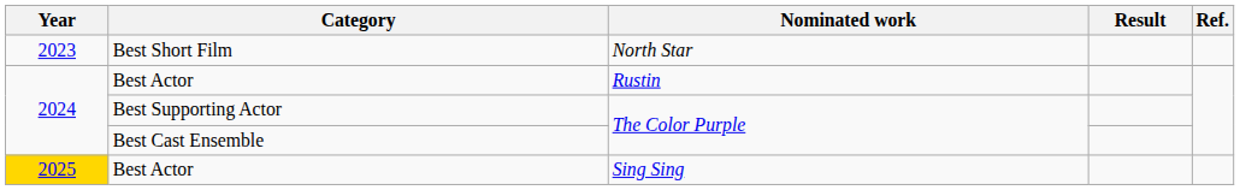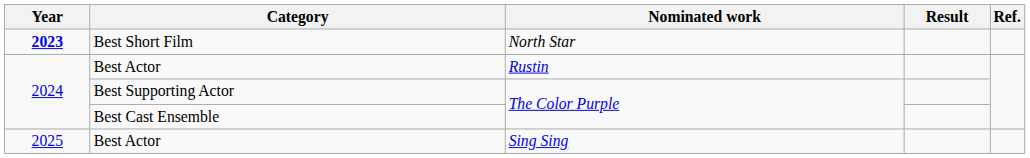 <table class=wikitable>
 <tr>
 <th scope="col" style="width:5em;">Year</th>
 <th scope="col" style="width:26em;">Category</th>
 <th scope="col" style="width:25em;">Nominated work</th>
 <th scope="col" style="width:5em;">Result</th>
 <th>Ref.</th>
 </tr>
 <tr>
-<td style="text-align:center;"><a href='#'>2023</a></td>
+<td style="text-align:center;"><strong><a href='#'>2023</a></strong></td>
 <td>Best Short Film</td>
 <td><em>North Star</em></td>
 <td></td>
 <td></td>
 </tr>
 <tr>
 <td style="text-align:center;", rowspan="3"><a href='#'>2024</a></td>
 <td>Best Actor</td>
 <td><em><a href='#'>Rustin</a></em></td>
 <td></td>
 <td rowspan="3"></td>
 </tr>
 <tr>
 <td>Best Supporting Actor</td>
 <td rowspan="2"><em><a href='#'>The Color Purple</a></em></td>
 <td></td>
 </tr>
 <tr>
 <td>Best Cast Ensemble</td>
 <td></td>
 </tr>
 <tr>
-<td style="background: gold; text-align:center;"><a href='#'>2025</a></td>
+<td style="text-align:center;"><a href='#'>2025</a></td>
 <td>Best Actor</td>
 <td><em><a href='#'>Sing Sing</a></em></td>
 <td></td>
 <td></td>
 </tr>
 </table>
